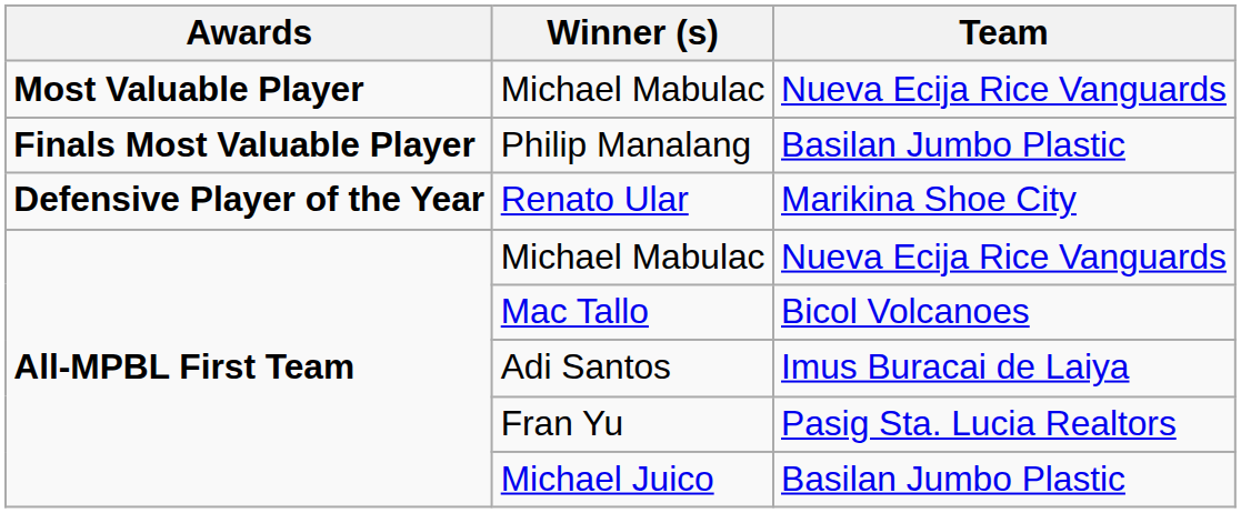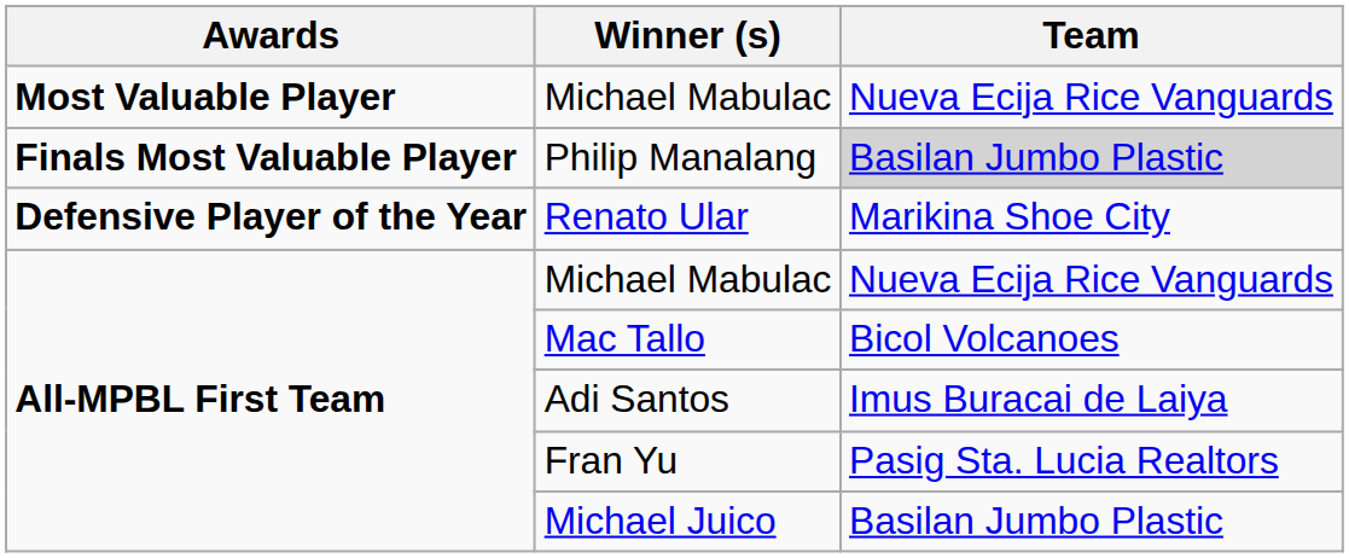 <table class="wikitable">
 <tr>
 <th>Awards</th>
 <th>Winner (s)</th>
 <th>Team</th>
 </tr>
 <tr>
 <td><strong>Most Valuable Player</strong></td>
 <td>Michael Mabulac</td>
 <td><a href='#'>Nueva Ecija Rice Vanguards</a></td>
 </tr>
 <tr>
 <td><strong>Finals Most Valuable Player</strong></td>
 <td>Philip Manalang</td>
-<td><a href='#'>Basilan Jumbo Plastic</a></td>
+<td style="background: lightgrey;"><a href='#'>Basilan Jumbo Plastic</a></td>
 </tr>
 <tr>
 <td><strong>Defensive Player of the Year</strong></td>
 <td><a href='#'>Renato Ular</a></td>
 <td><a href='#'>Marikina Shoe City</a></td>
 </tr>
 <tr>
 <td rowspan="5"><strong>All-MPBL First Team</strong></td>
 <td>Michael Mabulac</td>
 <td><a href='#'>Nueva Ecija Rice Vanguards</a></td>
 </tr>
 <tr>
 <td><a href='#'>Mac Tallo</a></td>
 <td><a href='#'>Bicol Volcanoes</a></td>
 </tr>
 <tr>
 <td>Adi Santos</td>
 <td><a href='#'>Imus Buracai de Laiya</a></td>
 </tr>
 <tr>
 <td>Fran Yu</td>
 <td><a href='#'>Pasig Sta. Lucia Realtors</a></td>
 </tr>
 <tr>
 <td><a href='#'>Michael Juico</a></td>
 <td><a href='#'>Basilan Jumbo Plastic</a></td>
 </tr>
 </table>
